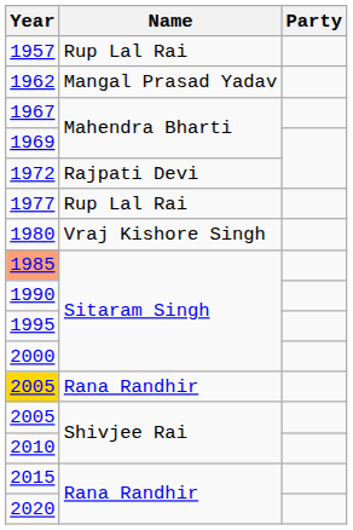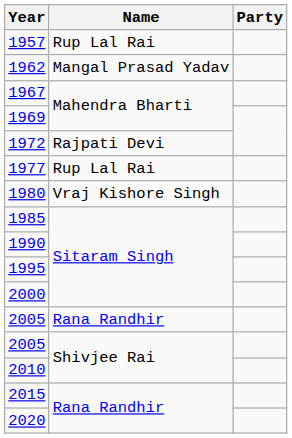 <table class="wikitable sortable">
 <tr>
 <th>Year</th>
 <th>Name</th>
 <th colspan="2">Party</th>
 </tr>
 <tr>
 <td><a href='#'>1957</a></td>
 <td>Rup Lal Rai</td>
 <td></td>
 </tr>
 <tr>
 <td><a href='#'>1962</a></td>
 <td>Mangal Prasad Yadav</td>
 <td></td>
 </tr>
 <tr>
 <td><a href='#'>1967</a></td>
 <td rowspan="2">Mahendra Bharti</td>
 <td></td>
 </tr>
 <tr>
 <td><a href='#'>1969</a></td>
 </tr>
 <tr>
 <td><a href='#'>1972</a></td>
 <td>Rajpati Devi</td>
 </tr>
 <tr>
 <td><a href='#'>1977</a></td>
 <td>Rup Lal Rai</td>
 <td></td>
 </tr>
 <tr>
 <td><a href='#'>1980</a></td>
 <td>Vraj Kishore Singh</td>
 </tr>
 <tr>
-<td style="background: lightsalmon;"><a href='#'>1985</a></td>
+<td><a href='#'>1985</a></td>
 <td rowspan="4"><a href='#'>Sitaram Singh</a></td>
 <td></td>
 </tr>
 <tr>
 <td><a href='#'>1990</a></td>
 <td></td>
 </tr>
 <tr>
 <td><a href='#'>1995</a></td>
 </tr>
 <tr>
 <td><a href='#'>2000</a></td>
 <td></td>
 </tr>
 <tr>
-<td style="background: gold;"><a href='#'>2005</a></td>
+<td><a href='#'>2005</a></td>
 <td><a href='#'>Rana Randhir</a></td>
 </tr>
 <tr>
 <td><a href='#'>2005</a></td>
 <td rowspan="2">Shivjee Rai</td>
 <td></td>
 </tr>
 <tr>
 <td><a href='#'>2010</a></td>
 </tr>
 <tr>
 <td><a href='#'>2015</a></td>
 <td rowspan="2"><a href='#'>Rana Randhir</a></td>
 <td></td>
 </tr>
 <tr>
 <td><a href='#'>2020</a></td>
 </tr>
 </table>
